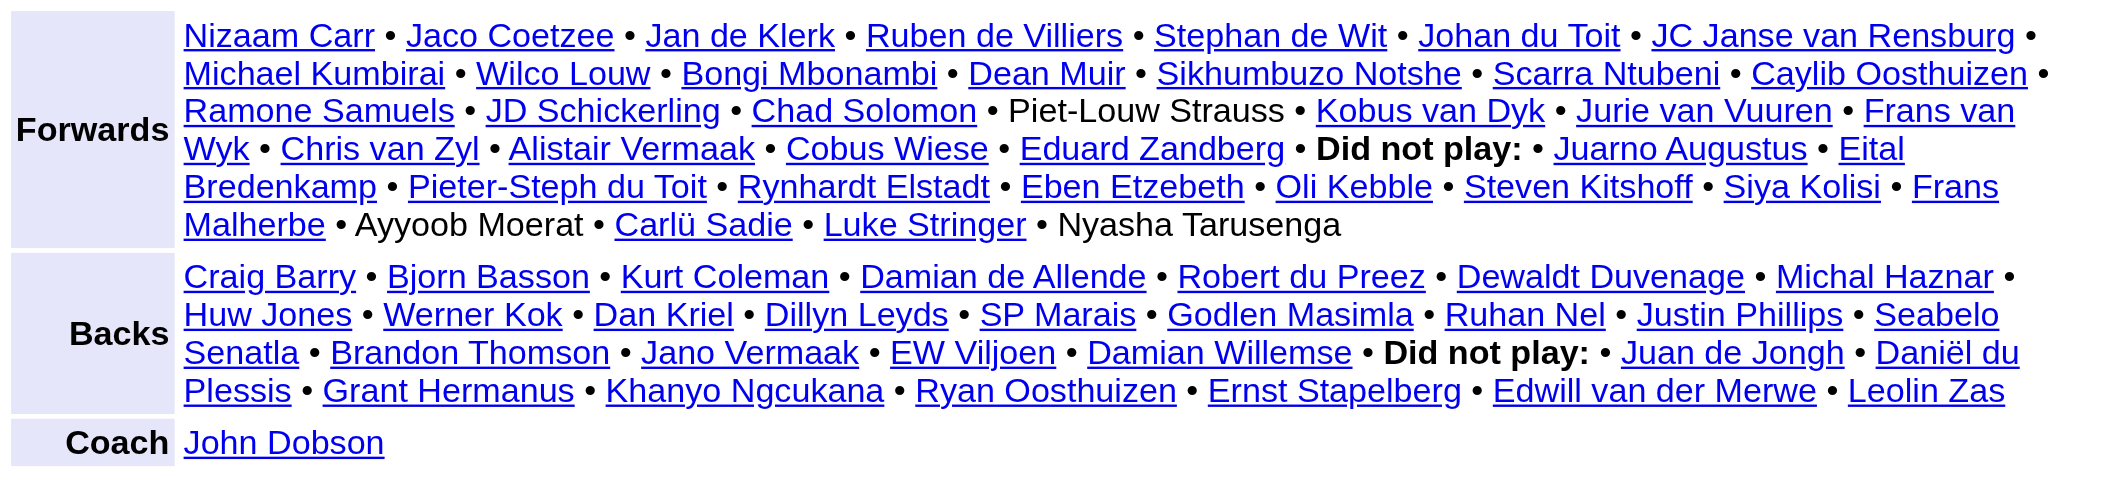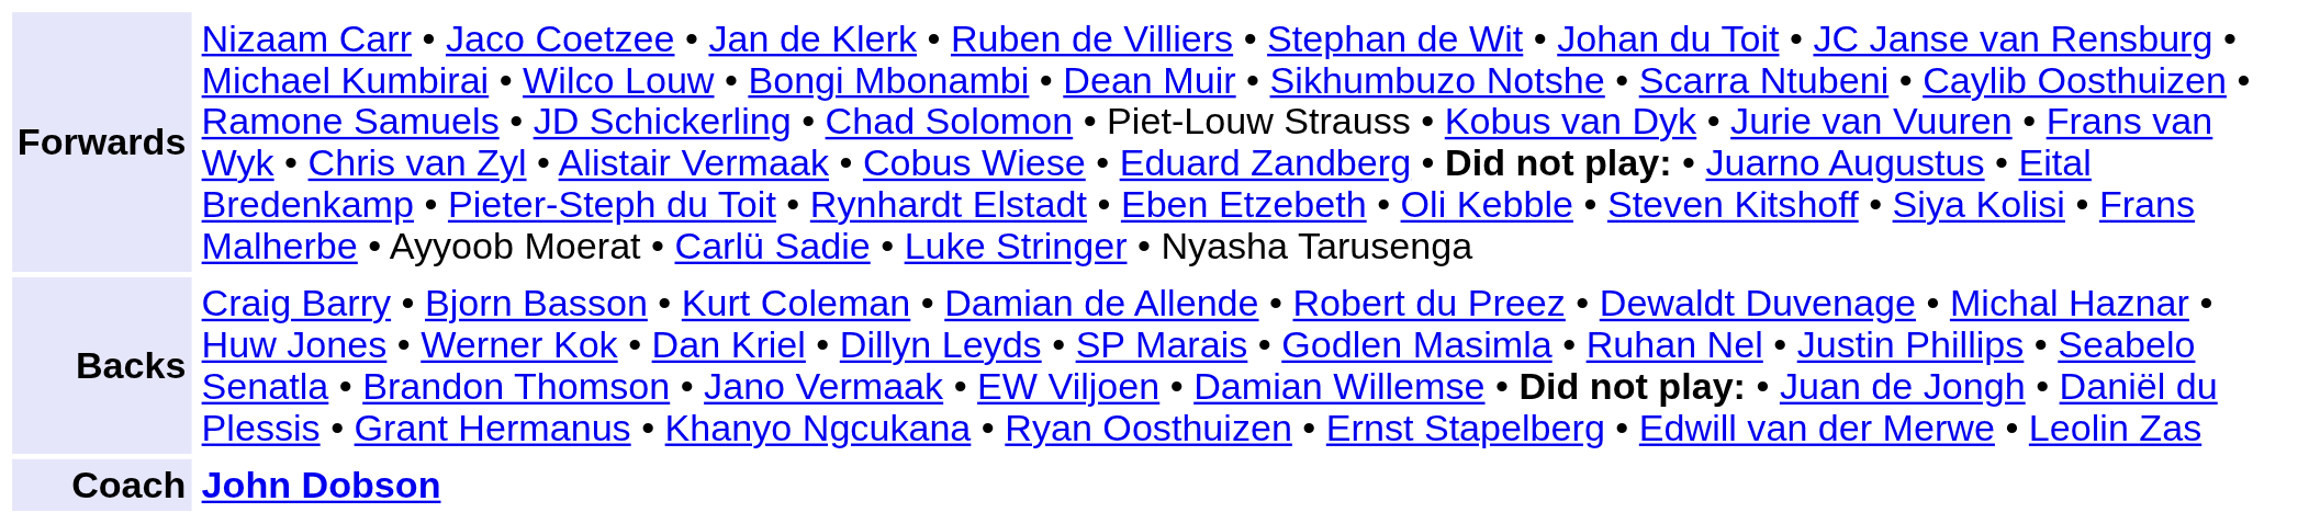 <table cellpadding="2" style="border: 1px solid white; font-size:90%;">
 <tr>
 <td style="text-align:right;" bgcolor="lavender"><strong>Forwards</strong></td>
 <td style="text-align:left;"><a href='#'>Nizaam Carr</a> • <a href='#'>Jaco Coetzee</a> • <a href='#'>Jan de Klerk</a> • <a href='#'>Ruben de Villiers</a> • <a href='#'>Stephan de Wit</a> • <a href='#'>Johan du Toit</a> • <a href='#'>JC Janse van Rensburg</a> • <a href='#'>Michael Kumbirai</a> • <a href='#'>Wilco Louw</a> • <a href='#'>Bongi Mbonambi</a> • <a href='#'>Dean Muir</a> • <a href='#'>Sikhumbuzo Notshe</a> • <a href='#'>Scarra Ntubeni</a> • <a href='#'>Caylib Oosthuizen</a> • <a href='#'>Ramone Samuels</a> • <a href='#'>JD Schickerling</a> • <a href='#'>Chad Solomon</a> • Piet-Louw Strauss • <a href='#'>Kobus van Dyk</a> • <a href='#'>Jurie van Vuuren</a> • <a href='#'>Frans van Wyk</a> • <a href='#'>Chris van Zyl</a> • <a href='#'>Alistair Vermaak</a> • <a href='#'>Cobus Wiese</a> • <a href='#'>Eduard Zandberg</a> • <strong>Did not play:</strong> • <a href='#'>Juarno Augustus</a> • <a href='#'>Eital Bredenkamp</a> • <a href='#'>Pieter-Steph du Toit</a> • <a href='#'>Rynhardt Elstadt</a> • <a href='#'>Eben Etzebeth</a> • <a href='#'>Oli Kebble</a> • <a href='#'>Steven Kitshoff</a> • <a href='#'>Siya Kolisi</a> • <a href='#'>Frans Malherbe</a> • Ayyoob Moerat • <a href='#'>Carlü Sadie</a> • <a href='#'>Luke Stringer</a> • Nyasha Tarusenga</td>
 </tr>
 <tr>
 <td style="text-align:right;" bgcolor="lavender"><strong>Backs</strong></td>
 <td style="text-align:left;"><a href='#'>Craig Barry</a> • <a href='#'>Bjorn Basson</a> • <a href='#'>Kurt Coleman</a> • <a href='#'>Damian de Allende</a> • <a href='#'>Robert du Preez</a> • <a href='#'>Dewaldt Duvenage</a> • <a href='#'>Michal Haznar</a> • <a href='#'>Huw Jones</a> • <a href='#'>Werner Kok</a> • <a href='#'>Dan Kriel</a> • <a href='#'>Dillyn Leyds</a> • <a href='#'>SP Marais</a> • <a href='#'>Godlen Masimla</a> • <a href='#'>Ruhan Nel</a> • <a href='#'>Justin Phillips</a> • <a href='#'>Seabelo Senatla</a> • <a href='#'>Brandon Thomson</a> • <a href='#'>Jano Vermaak</a> • <a href='#'>EW Viljoen</a> • <a href='#'>Damian Willemse</a> • <strong>Did not play:</strong> • <a href='#'>Juan de Jongh</a> • <a href='#'>Daniël du Plessis</a> • <a href='#'>Grant Hermanus</a> • <a href='#'>Khanyo Ngcukana</a> • <a href='#'>Ryan Oosthuizen</a> • <a href='#'>Ernst Stapelberg</a> • <a href='#'>Edwill van der Merwe</a> • <a href='#'>Leolin Zas</a></td>
 </tr>
 <tr>
 <td style="text-align:right;" bgcolor="lavender"><strong>Coach</strong></td>
-<td style="text-align:left;"><a href='#'>John Dobson</a></td>
+<td style="text-align:left;"><strong><a href='#'>John Dobson</a></strong></td>
 </tr>
 </table>
